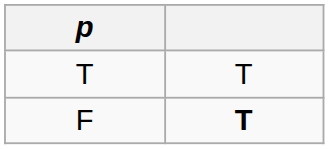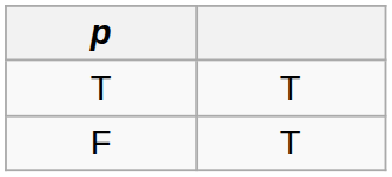 <table class="wikitable" style="margin:1em auto; text-align:center;">
 <tr>
 <th style="width:80px"><em>p</em></th>
 <th style="width:80px"></th>
 </tr>
 <tr>
 <td>T</td>
 <td>T</td>
 </tr>
 <tr>
 <td>F</td>
-<td><strong>T</strong></td>
+<td>T</td>
 </tr>
 </table>
